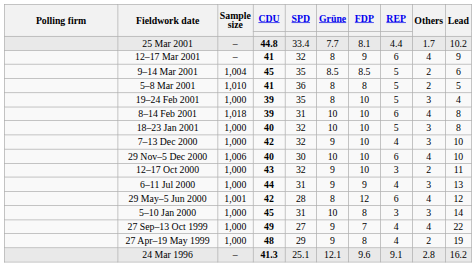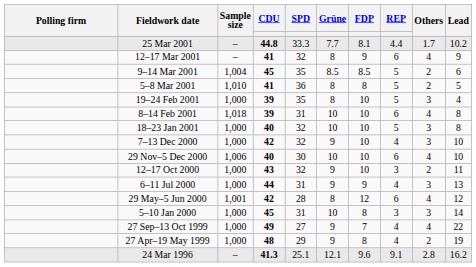 <table class="wikitable sortable" style="text-align:center;font-size:90%;line-height:14px;">
 <tr style="height:40px;">
 <th style="width:160px;" rowspan="2">Polling firm</th>
 <th style="width:140px;" rowspan="2">Fieldwork date</th>
 <th style="width:35px;" rowspan="2">Sample<br>size</th>
 <th class="unsortable" style="width:40px;"><a href='#'>CDU</a></th>
 <th class="unsortable" style="width:40px;"><a href='#'>SPD</a></th>
 <th class="unsortable" style="width:40px;"><a href='#'>Grüne</a></th>
 <th class="unsortable" style="width:40px;"><a href='#'>FDP</a></th>
 <th class="unsortable" style="width:40px;"><a href='#'>REP</a></th>
 <th class="unsortable" style="width:40px;" rowspan="2">Others</th>
 <th style="width:30px;" rowspan="2">Lead</th>
 </tr>
 <tr>
 <th style="background:"></th>
 <th style="background:"></th>
 <th style="background:"></th>
 <th style="background:"></th>
 <th style="background:"></th>
 </tr>
 <tr style="background:#E9E9E9;">
 <td></td>
 <td data-sort-value="2001-03-25">25 Mar 2001</td>
 <td>–</td>
 <td><strong>44.8</strong></td>
-<td>33.4</td>
+<td>33.3</td>
 <td>7.7</td>
 <td>8.1</td>
 <td>4.4</td>
 <td>1.7</td>
 <td style="background:">10.2</td>
 </tr>
 <tr>
 <td></td>
 <td data-sort-value="2001-03-20">12–17 Mar 2001</td>
 <td>–</td>
 <td><strong>41</strong></td>
 <td>32</td>
 <td>8</td>
 <td>9</td>
 <td>6</td>
 <td>4</td>
 <td style="background:">9</td>
 </tr>
 <tr>
 <td></td>
 <td data-sort-value="2001-03-15">9–14 Mar 2001</td>
 <td>1,004</td>
 <td><strong>45</strong></td>
 <td>35</td>
 <td>8.5</td>
 <td>8.5</td>
 <td>5</td>
 <td>2</td>
 <td style="background:">6</td>
 </tr>
 <tr>
 <td></td>
 <td data-sort-value="2001-03-09">5–8 Mar 2001</td>
 <td>1,010</td>
 <td><strong>41</strong></td>
 <td>36</td>
 <td>8</td>
 <td>8</td>
 <td>5</td>
 <td>2</td>
 <td style="background:">5</td>
 </tr>
 <tr>
 <td></td>
 <td data-sort-value="2001-03-01">19–24 Feb 2001</td>
 <td>1,000</td>
 <td><strong>39</strong></td>
 <td>35</td>
 <td>8</td>
 <td>10</td>
 <td>5</td>
 <td>3</td>
 <td style="background:">4</td>
 </tr>
 <tr>
 <td></td>
 <td data-sort-value="2001-02-17">8–14 Feb 2001</td>
 <td>1,018</td>
 <td><strong>39</strong></td>
 <td>31</td>
 <td>10</td>
 <td>10</td>
 <td>6</td>
 <td>4</td>
 <td style="background:">8</td>
 </tr>
 <tr>
 <td></td>
 <td data-sort-value="2001-01-26">18–23 Jan 2001</td>
 <td>1,000</td>
 <td><strong>40</strong></td>
 <td>32</td>
 <td>10</td>
 <td>10</td>
 <td>5</td>
 <td>3</td>
 <td style="background:">8</td>
 </tr>
 <tr>
 <td></td>
 <td data-sort-value="2000-12-15">7–13 Dec 2000</td>
 <td>1,000</td>
 <td><strong>42</strong></td>
 <td>32</td>
 <td>9</td>
 <td>10</td>
 <td>4</td>
 <td>3</td>
 <td style="background:">10</td>
 </tr>
 <tr>
 <td></td>
 <td data-sort-value="2000-12-09">29 Nov–5 Dec 2000</td>
 <td>1,006</td>
 <td><strong>40</strong></td>
 <td>30</td>
 <td>10</td>
 <td>10</td>
 <td>6</td>
 <td>4</td>
 <td style="background:">10</td>
 </tr>
 <tr>
 <td></td>
 <td data-sort-value="2000-10-20">12–17 Oct 2000</td>
 <td>1,000</td>
 <td><strong>43</strong></td>
 <td>32</td>
 <td>9</td>
 <td>10</td>
 <td>3</td>
 <td>2</td>
 <td style="background:">11</td>
 </tr>
 <tr>
 <td></td>
 <td data-sort-value="2000-07-14">6–11 Jul 2000</td>
 <td>1,000</td>
 <td><strong>44</strong></td>
 <td>31</td>
 <td>9</td>
 <td>9</td>
 <td>4</td>
 <td>3</td>
 <td style="background:">13</td>
 </tr>
 <tr>
 <td></td>
 <td data-sort-value="2000-06-08">29 May–5 Jun 2000</td>
 <td>1,001</td>
 <td><strong>42</strong></td>
 <td>28</td>
 <td>8</td>
 <td>12</td>
 <td>6</td>
 <td>4</td>
 <td style="background:">12</td>
 </tr>
 <tr>
 <td></td>
 <td data-sort-value="2000-01-13">5–10 Jan 2000</td>
 <td>1,000</td>
 <td><strong>45</strong></td>
 <td>31</td>
 <td>10</td>
 <td>8</td>
 <td>3</td>
 <td>3</td>
 <td style="background:">14</td>
 </tr>
 <tr>
 <td></td>
 <td data-sort-value="1999-10-16">27 Sep–13 Oct 1999</td>
 <td>1,000</td>
 <td><strong>49</strong></td>
 <td>27</td>
 <td>9</td>
 <td>7</td>
 <td>4</td>
 <td>4</td>
 <td style="background:">22</td>
 </tr>
 <tr>
 <td></td>
 <td data-sort-value="1999-05-22">27 Apr–19 May 1999</td>
 <td>1,000</td>
 <td><strong>48</strong></td>
 <td>29</td>
 <td>9</td>
 <td>8</td>
 <td>4</td>
 <td>2</td>
 <td style="background:">19</td>
 </tr>
 <tr style="background:#E9E9E9;">
 <td></td>
 <td data-sort-value="1996-03-24">24 Mar 1996</td>
 <td>–</td>
 <td><strong>41.3</strong></td>
 <td>25.1</td>
 <td>12.1</td>
 <td>9.6</td>
 <td>9.1</td>
 <td>2.8</td>
 <td style="background:">16.2</td>
 </tr>
 </table>
